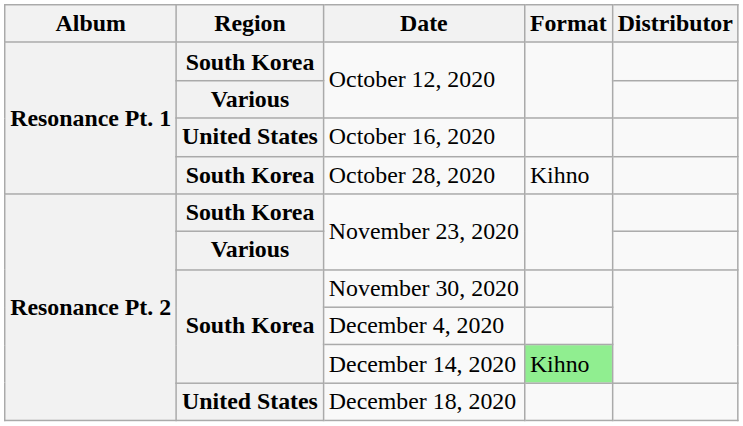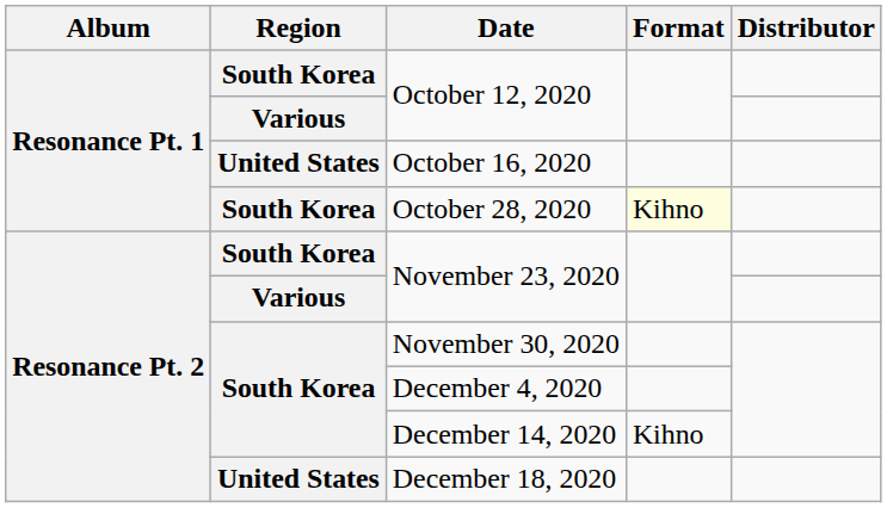 <table class="wikitable plainrowheaders" border="1">
 <tr>
 <th scope="col">Album</th>
 <th scope="col">Region</th>
 <th scope="col">Date</th>
 <th scope="col">Format</th>
 <th scope="col">Distributor</th>
 </tr>
 <tr>
 <th scope="row" rowspan="4">Resonance Pt. 1</th>
 <th scope="row">South Korea</th>
 <td rowspan="2">October 12, 2020</td>
 <td rowspan="2"></td>
 <td></td>
 </tr>
 <tr>
 <th scope="row">Various</th>
 <td></td>
 </tr>
 <tr>
 <th scope="row">United States</th>
 <td>October 16, 2020</td>
 <td></td>
 <td></td>
 </tr>
 <tr>
 <th scope="row">South Korea</th>
 <td>October 28, 2020</td>
-<td>Kihno</td>
+<td style="background: lightyellow;">Kihno</td>
 <td></td>
 </tr>
 <tr>
 <th scope="row" rowspan="6">Resonance Pt. 2</th>
 <th scope="row">South Korea</th>
 <td rowspan="2">November 23, 2020</td>
 <td rowspan="2"></td>
 <td></td>
 </tr>
 <tr>
 <th scope="row">Various</th>
 <td></td>
 </tr>
 <tr>
 <th scope="row" rowspan="3">South Korea</th>
 <td>November 30, 2020</td>
 <td></td>
 <td rowspan="3"></td>
 </tr>
 <tr>
 <td>December 4, 2020</td>
 <td></td>
 </tr>
 <tr>
 <td>December 14, 2020</td>
-<td style="background: lightgreen;">Kihno</td>
+<td>Kihno</td>
 </tr>
 <tr>
 <th scope="row">United States</th>
 <td>December 18, 2020</td>
 <td></td>
 <td></td>
 </tr>
 </table>
